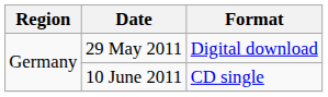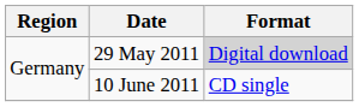 <table class="wikitable">
 <tr>
 <th>Region</th>
 <th>Date</th>
 <th>Format</th>
 </tr>
 <tr>
 <td rowspan="2">Germany</td>
 <td>29 May 2011</td>
-<td><a href='#'>Digital download</a></td>
+<td style="background: lightgrey;"><a href='#'>Digital download</a></td>
 </tr>
 <tr>
 <td>10 June 2011</td>
 <td><a href='#'>CD single</a></td>
 </tr>
 <tr>
 </tr>
 </table>
